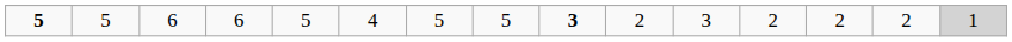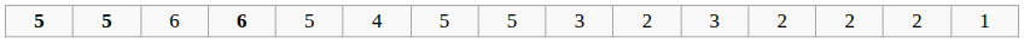 <table class="wikitable" style="text-align:center; width:50em;">
 <tr>
 </tr>
 <tr>
 <td><strong>5</strong></td>
-<td>5</td>
+<td><strong>5</strong></td>
 <td>6</td>
-<td>6</td>
+<td><strong>6</strong></td>
 <td>5</td>
 <td>4</td>
 <td>5</td>
 <td>5</td>
-<td><strong>3</strong></td>
+<td>3</td>
 <td>2</td>
 <td>3</td>
 <td>2</td>
 <td>2</td>
 <td>2</td>
-<td style="background: lightgrey;">1</td>
+<td>1</td>
 </tr>
 </table>
